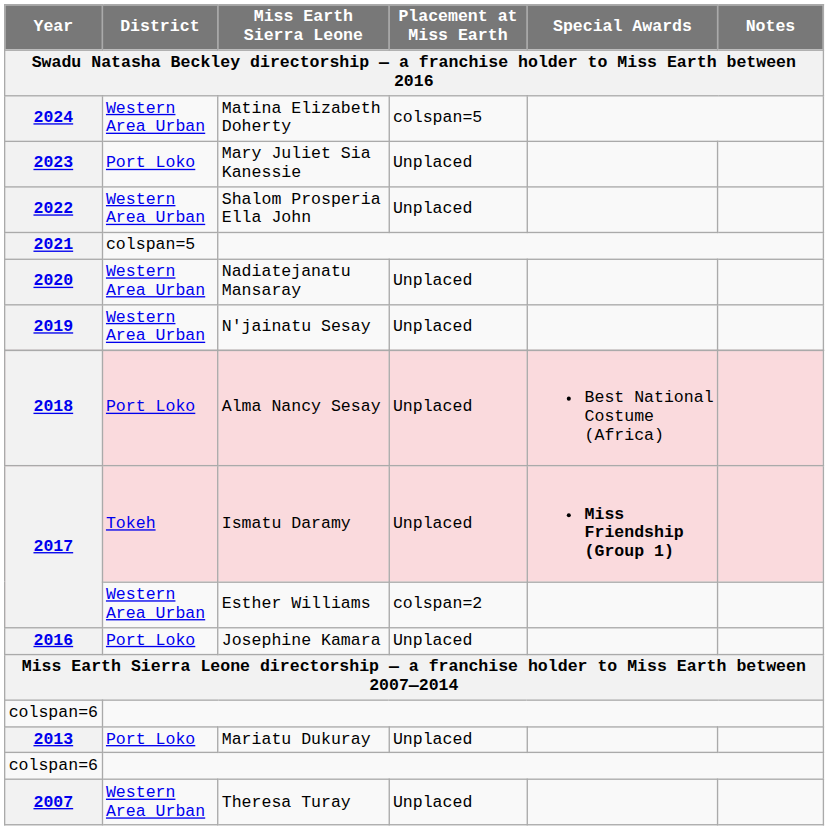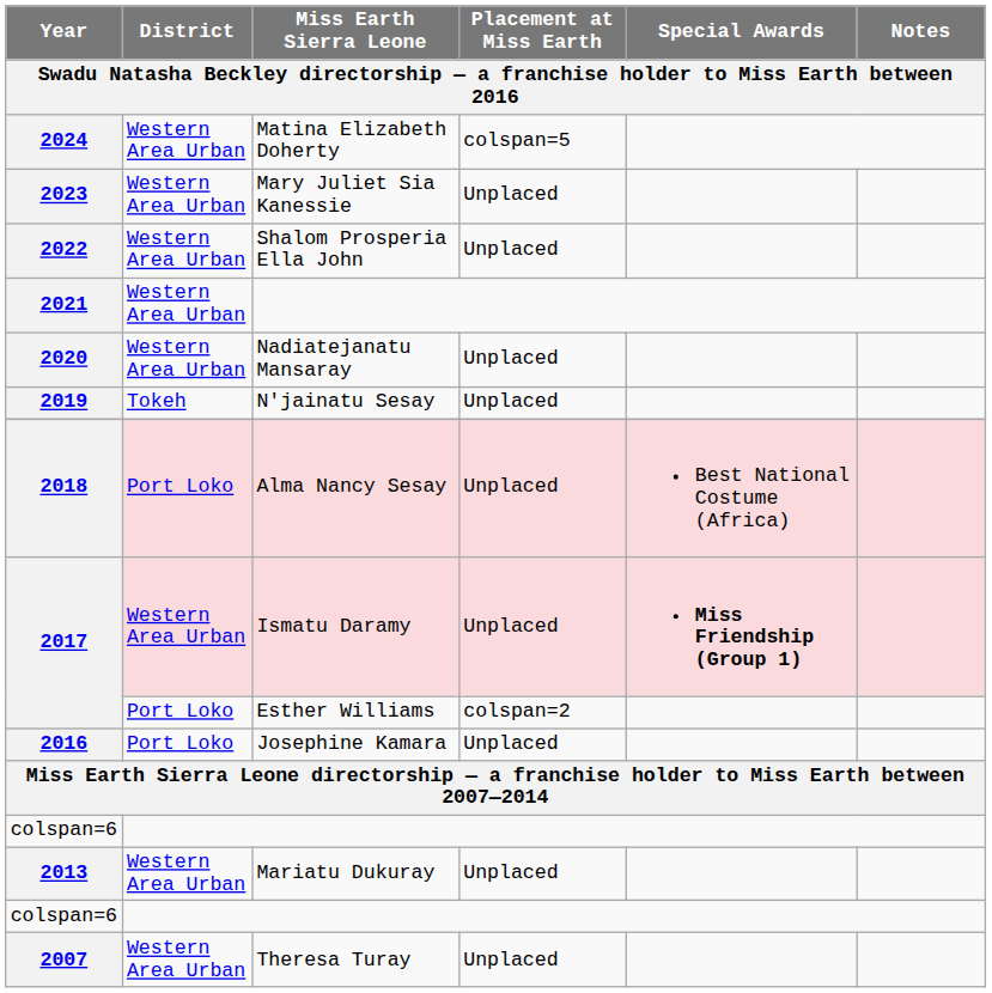 <table class="wikitable " style="font-size: 95%;">
 <tr>
 <th width="60" style="background-color:#787878;color:#FFFFFF;">Year</th>
 <th width="150" style="background-color:#787878;color:#FFFFFF;">District</th>
 <th width="250" style="background-color:#787878;color:#FFFFFF;">Miss Earth Sierra Leone</th>
 <th width="250" style="background-color:#787878;color:#FFFFFF;">Placement at Miss Earth</th>
 <th width="250" style="background-color:#787878;color:#FFFFFF;">Special Awards</th>
 <th width="250" style="background-color:#787878;color:#FFFFFF;">Notes</th>
 </tr>
 <tr>
 <th colspan="6">Swadu Natasha Beckley directorship — a franchise holder to Miss Earth between 2016</th>
 </tr>
 <tr>
 <th><a href='#'>2024</a></th>
 <td><a href='#'>Western Area Urban</a></td>
 <td>Matina Elizabeth Doherty</td>
 <td>colspan=5 </td>
 </tr>
 <tr>
 <th><a href='#'>2023</a></th>
-<td><a href='#'>Port Loko</a></td>
+<td><a href='#'>Western Area Urban</a></td>
 <td>Mary Juliet Sia Kanessie</td>
 <td>Unplaced</td>
 <td></td>
 <td></td>
 </tr>
 <tr>
 <th><a href='#'>2022</a></th>
 <td><a href='#'>Western Area Urban</a></td>
 <td>Shalom Prosperia Ella John</td>
 <td>Unplaced</td>
 <td></td>
 <td></td>
 </tr>
 <tr>
 <th><a href='#'>2021</a></th>
-<td>colspan=5 </td>
+<td><a href='#'>Western Area Urban</a></td>
 </tr>
 <tr>
 <th><a href='#'>2020</a></th>
 <td><a href='#'>Western Area Urban</a></td>
 <td>Nadiatejanatu Mansaray</td>
 <td>Unplaced</td>
 <td></td>
 <td></td>
 </tr>
 <tr>
 <th><a href='#'>2019</a></th>
-<td><a href='#'>Western Area Urban</a></td>
+<td><a href='#'>Tokeh</a></td>
 <td>N'jainatu Sesay</td>
 <td>Unplaced</td>
 <td></td>
 <td></td>
 </tr>
 <tr>
 </tr>
 <tr style="background-color:#FADADD;">
 <th><a href='#'>2018</a></th>
 <td><a href='#'>Port Loko</a></td>
 <td>Alma Nancy Sesay</td>
 <td>Unplaced</td>
 <td align="left"><br><ul><li> Best National Costume (Africa)</li></ul></td>
 <td></td>
 </tr>
 <tr style="background-color:#FADADD;">
 <th rowspan=2><a href='#'>2017</a></th>
-<td><a href='#'>Tokeh</a></td>
+<td><a href='#'>Western Area Urban</a></td>
 <td>Ismatu Daramy</td>
 <td>Unplaced</td>
 <td align="left"><strong><br><ul><li> Miss Friendship (Group 1)</li></ul></strong></td>
 <td></td>
 </tr>
 <tr>
-<td><a href='#'>Western Area Urban</a></td>
+<td><a href='#'>Port Loko</a></td>
 <td>Esther Williams</td>
 <td>colspan=2 </td>
 <td></td>
 </tr>
 <tr>
 <th><a href='#'>2016</a></th>
 <td><a href='#'>Port Loko</a></td>
 <td>Josephine Kamara</td>
 <td>Unplaced</td>
 <td></td>
 <td></td>
 </tr>
 <tr>
 <th colspan="6">Miss Earth Sierra Leone directorship — a franchise holder to Miss Earth between 2007—2014</th>
 </tr>
 <tr>
 <td>colspan=6 </td>
 </tr>
 <tr>
 <th><a href='#'>2013</a></th>
-<td><a href='#'>Port Loko</a></td>
+<td><a href='#'>Western Area Urban</a></td>
 <td>Mariatu Dukuray</td>
 <td>Unplaced</td>
 <td></td>
 <td></td>
 </tr>
 <tr>
 <td>colspan=6 </td>
 </tr>
 <tr>
 <th><a href='#'>2007</a></th>
 <td><a href='#'>Western Area Urban</a></td>
 <td>Theresa Turay</td>
 <td>Unplaced</td>
 <td></td>
 <td></td>
 </tr>
 </table>
